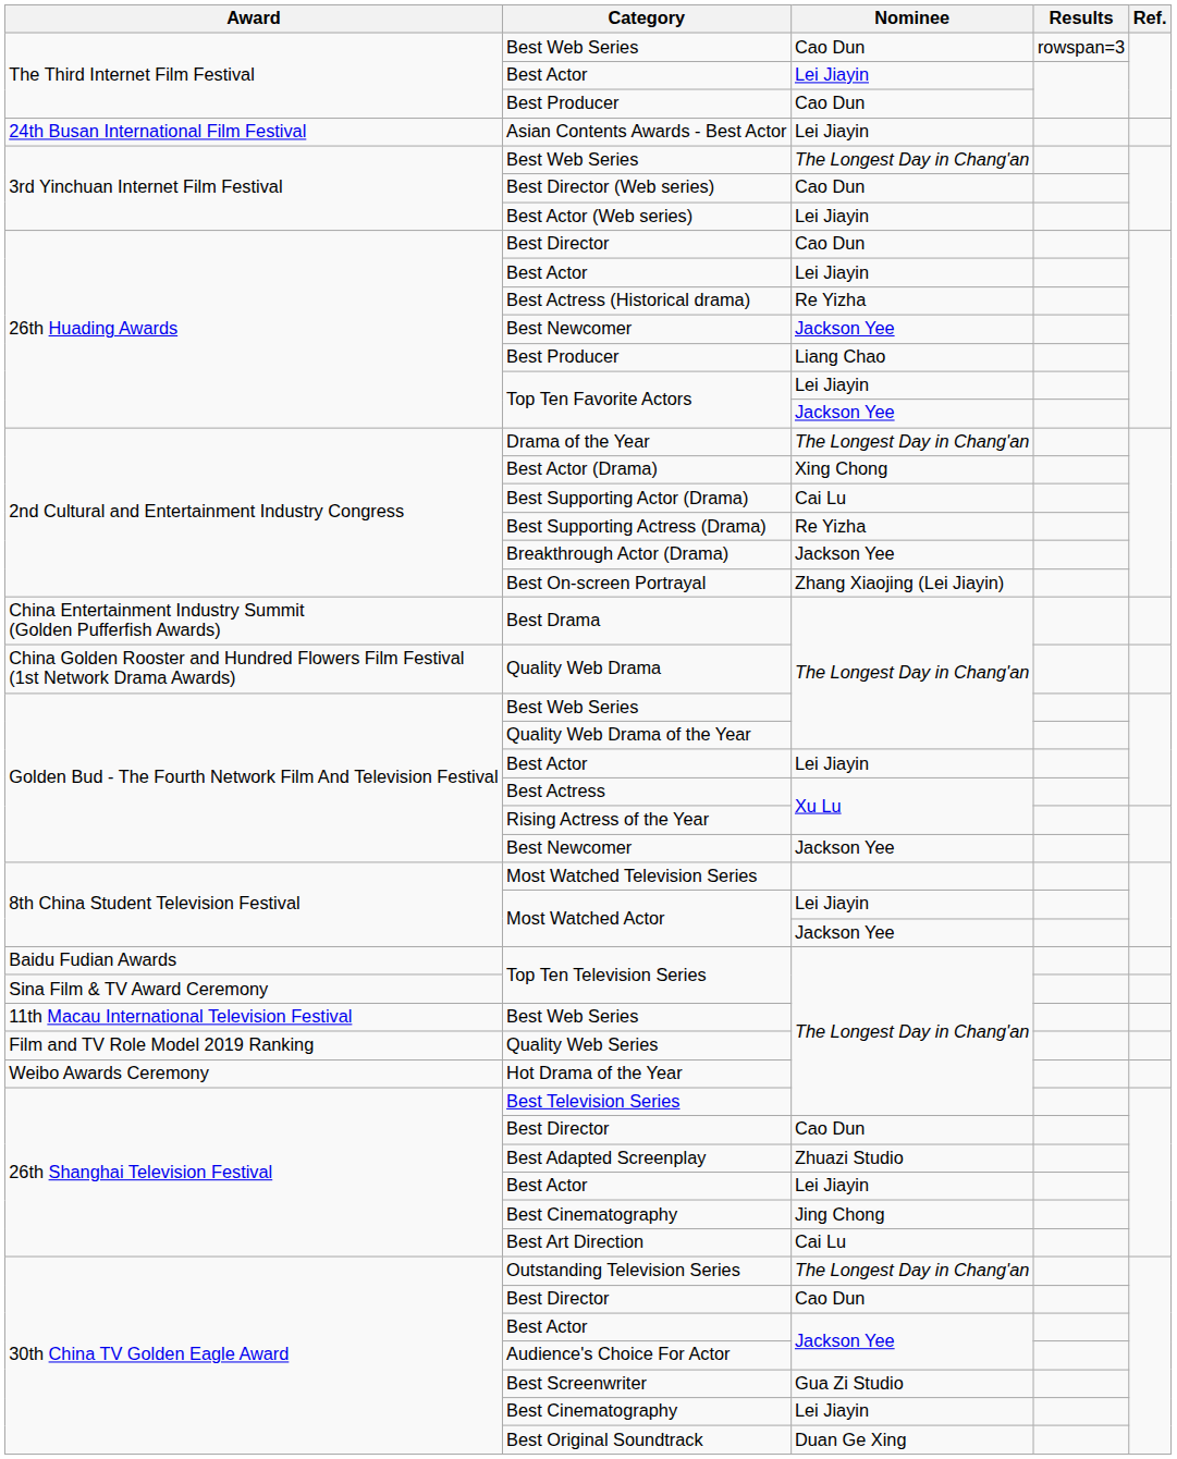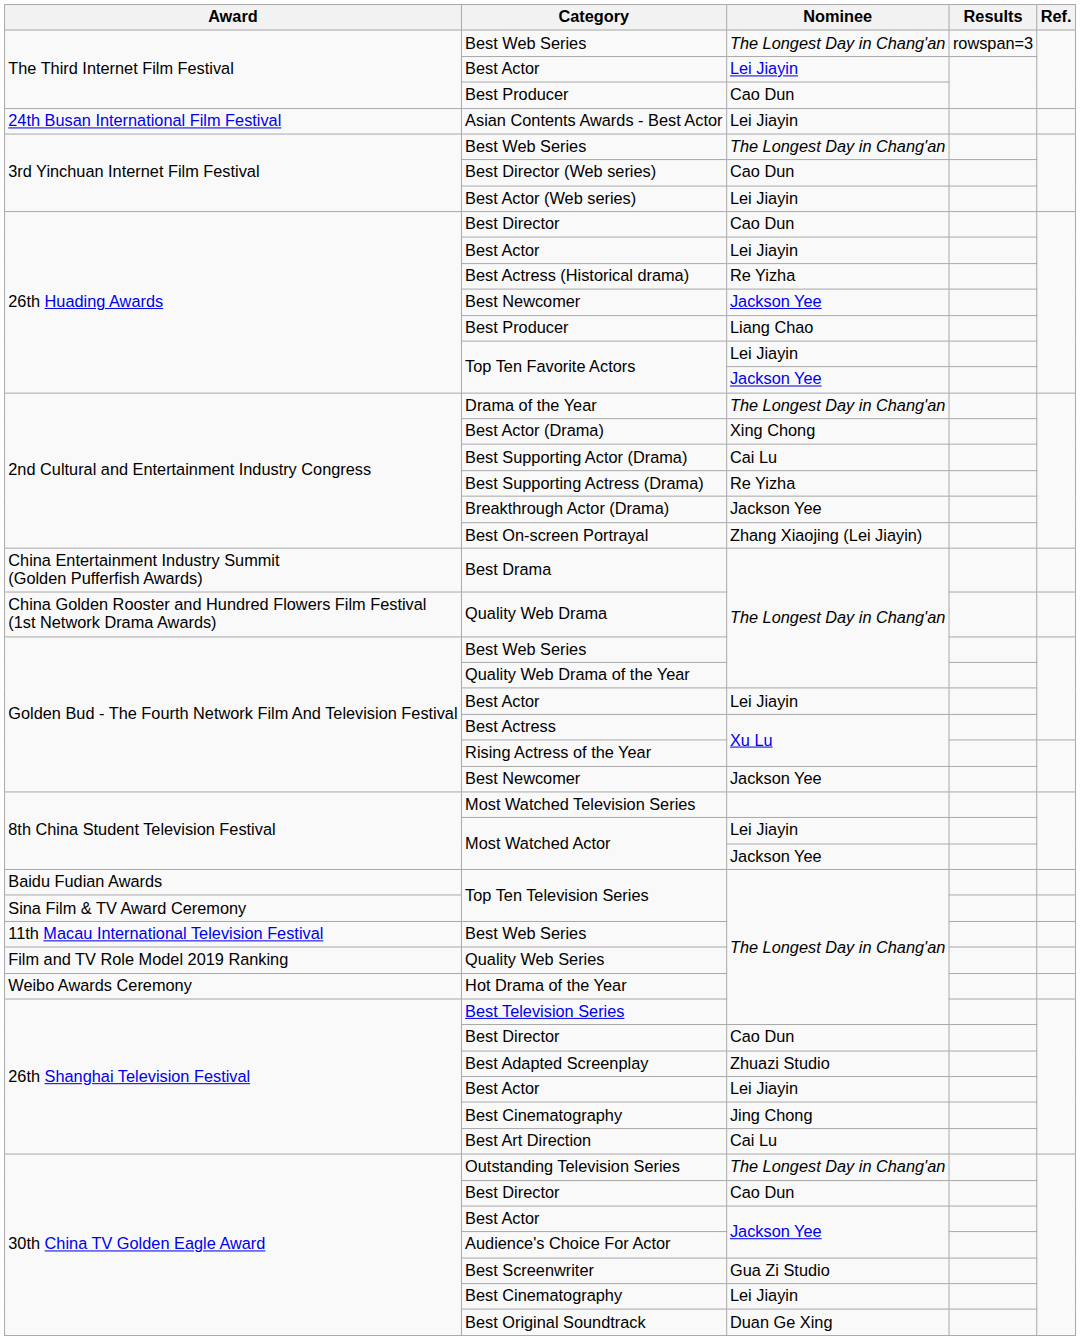 <table class="wikitable">
 <tr>
 <th>Award</th>
 <th>Category</th>
 <th>Nominee</th>
 <th>Results</th>
 <th>Ref.</th>
 </tr>
 <tr>
 <td rowspan=3>The Third Internet Film Festival</td>
 <td>Best Web Series</td>
-<td>Cao Dun</td>
+<td><em>The Longest Day in Chang'an</em></td>
 <td>rowspan=3 </td>
 <td rowspan=3></td>
 </tr>
 <tr>
 <td>Best Actor</td>
 <td><a href='#'>Lei Jiayin</a></td>
 </tr>
 <tr>
 <td>Best Producer</td>
 <td>Cao Dun</td>
 </tr>
 <tr>
 <td><a href='#'>24th Busan International Film Festival</a></td>
 <td>Asian Contents Awards - Best Actor</td>
 <td>Lei Jiayin</td>
 <td></td>
 <td></td>
 </tr>
 <tr>
 <td rowspan=3>3rd Yinchuan Internet Film Festival</td>
 <td>Best Web Series</td>
 <td><em>The Longest Day in Chang'an</em></td>
 <td></td>
 <td rowspan=3></td>
 </tr>
 <tr>
 <td>Best Director (Web series)</td>
 <td>Cao Dun</td>
 <td></td>
 </tr>
 <tr>
 <td>Best Actor (Web series)</td>
 <td>Lei Jiayin</td>
 <td></td>
 </tr>
 <tr>
 <td rowspan=7>26th <a href='#'>Huading Awards</a></td>
 <td>Best Director</td>
 <td>Cao Dun</td>
 <td></td>
 <td rowspan=7></td>
 </tr>
 <tr>
 <td>Best Actor</td>
 <td>Lei Jiayin</td>
 <td></td>
 </tr>
 <tr>
 <td>Best Actress (Historical drama)</td>
 <td>Re Yizha</td>
 <td></td>
 </tr>
 <tr>
 <td>Best Newcomer</td>
 <td><a href='#'>Jackson Yee</a></td>
 <td></td>
 </tr>
 <tr>
 <td>Best Producer</td>
 <td>Liang Chao</td>
 <td></td>
 </tr>
 <tr>
 <td rowspan=2>Top Ten Favorite Actors</td>
 <td>Lei Jiayin</td>
 <td></td>
 </tr>
 <tr>
 <td><a href='#'>Jackson Yee</a></td>
 <td></td>
 </tr>
 <tr>
 <td rowspan=6>2nd Cultural and Entertainment Industry Congress</td>
 <td>Drama of the Year</td>
 <td><em>The Longest Day in Chang'an</em></td>
 <td></td>
 <td rowspan=6></td>
 </tr>
 <tr>
 <td>Best Actor (Drama)</td>
 <td>Xing Chong</td>
 <td></td>
 </tr>
 <tr>
 <td>Best Supporting Actor (Drama)</td>
 <td>Cai Lu</td>
 <td></td>
 </tr>
 <tr>
 <td>Best Supporting Actress (Drama)</td>
 <td>Re Yizha</td>
 <td></td>
 </tr>
 <tr>
 <td>Breakthrough Actor (Drama)</td>
 <td>Jackson Yee</td>
 <td></td>
 </tr>
 <tr>
 <td>Best On-screen Portrayal</td>
 <td>Zhang Xiaojing (Lei Jiayin)</td>
 <td></td>
 </tr>
 <tr>
 <td>China Entertainment Industry Summit <br> (Golden Pufferfish Awards)</td>
 <td>Best Drama</td>
 <td rowspan=4><em>The Longest Day in Chang'an</em></td>
 <td></td>
 <td></td>
 </tr>
 <tr>
 <td>China Golden Rooster and Hundred Flowers Film Festival <br> (1st Network Drama Awards)</td>
 <td>Quality Web Drama</td>
 <td></td>
 <td></td>
 </tr>
 <tr>
 <td rowspan=6>Golden Bud - The Fourth Network Film And Television Festival</td>
 <td>Best Web Series</td>
 <td></td>
 <td rowspan=4></td>
 </tr>
 <tr>
 <td>Quality Web Drama of the Year</td>
 <td></td>
 </tr>
 <tr>
 <td>Best Actor</td>
 <td>Lei Jiayin</td>
 <td></td>
 </tr>
 <tr>
 <td>Best Actress</td>
 <td rowspan=2><a href='#'>Xu Lu</a></td>
 <td></td>
 </tr>
 <tr>
 <td>Rising Actress of the Year</td>
 <td></td>
 </tr>
 <tr>
 <td>Best Newcomer</td>
 <td>Jackson Yee</td>
 <td></td>
 </tr>
 <tr>
 <td rowspan=3>8th China Student Television Festival</td>
 <td>Most Watched Television Series</td>
 <td></td>
 <td></td>
 <td rowspan=3></td>
 </tr>
 <tr>
 <td rowspan=2>Most Watched Actor</td>
 <td>Lei Jiayin</td>
 <td></td>
 </tr>
 <tr>
 <td>Jackson Yee</td>
 <td></td>
 </tr>
 <tr>
 <td>Baidu Fudian Awards</td>
 <td rowspan=2>Top Ten Television Series</td>
 <td rowspan=6><em>The Longest Day in Chang'an</em></td>
 <td></td>
 <td></td>
 </tr>
 <tr>
 <td>Sina Film & TV Award Ceremony</td>
 <td></td>
 <td></td>
 </tr>
 <tr>
 <td>11th <a href='#'>Macau International Television Festival</a></td>
 <td>Best Web Series</td>
 <td></td>
 <td></td>
 </tr>
 <tr>
 <td>Film and TV Role Model 2019 Ranking</td>
 <td>Quality Web Series</td>
 <td></td>
 <td></td>
 </tr>
 <tr>
 <td>Weibo Awards Ceremony</td>
 <td>Hot Drama of the Year</td>
 <td></td>
 <td></td>
 </tr>
 <tr>
 <td rowspan=6>26th <a href='#'>Shanghai Television Festival</a></td>
 <td><a href='#'>Best Television Series</a></td>
 <td></td>
 <td rowspan=6></td>
 </tr>
 <tr>
 <td>Best Director</td>
 <td>Cao Dun</td>
 <td></td>
 </tr>
 <tr>
 <td>Best Adapted Screenplay</td>
 <td>Zhuazi Studio</td>
 <td></td>
 </tr>
 <tr>
 <td>Best Actor</td>
 <td>Lei Jiayin</td>
 <td></td>
 </tr>
 <tr>
 <td>Best Cinematography</td>
 <td>Jing Chong</td>
 <td></td>
 </tr>
 <tr>
 <td>Best Art Direction</td>
 <td>Cai Lu</td>
 <td></td>
 </tr>
 <tr>
 <td rowspan=7>30th <a href='#'>China TV Golden Eagle Award</a></td>
 <td>Outstanding Television Series</td>
 <td><em>The Longest Day in Chang'an</em></td>
 <td></td>
 <td rowspan=7></td>
 </tr>
 <tr>
 <td>Best Director</td>
 <td>Cao Dun</td>
 <td></td>
 </tr>
 <tr>
 <td>Best Actor</td>
 <td rowspan=2><a href='#'>Jackson Yee</a></td>
 <td></td>
 </tr>
 <tr>
 <td>Audience's Choice For Actor</td>
 <td></td>
 </tr>
 <tr>
 <td>Best Screenwriter</td>
 <td>Gua Zi Studio</td>
 <td></td>
 </tr>
 <tr>
 <td>Best Cinematography</td>
 <td>Lei Jiayin</td>
 <td></td>
 </tr>
 <tr>
 <td>Best Original Soundtrack</td>
 <td>Duan Ge Xing</td>
 <td></td>
 </tr>
 <tr>
 </tr>
 </table>
